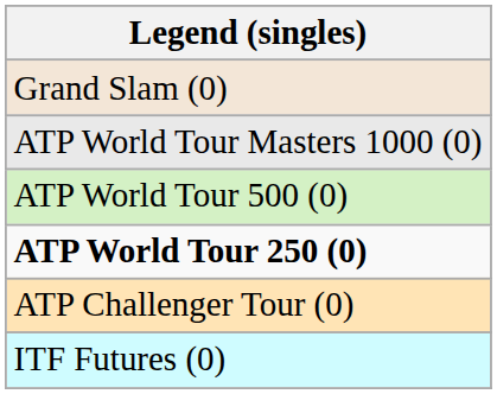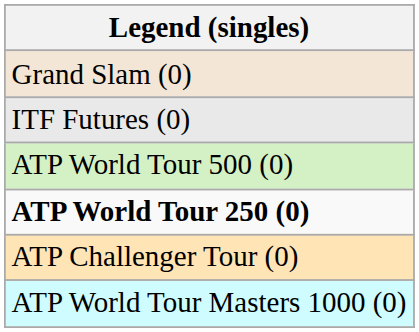 <table class="wikitable">
 <tr>
 <th>Legend (singles)</th>
 </tr>
 <tr style="background:#f3e6d7;">
 <td>Grand Slam (0)</td>
 </tr>
 <tr style="background:#e9e9e9;">
-<td>ATP World Tour Masters 1000 (0)</td>
+<td>ITF Futures (0)</td>
 </tr>
 <tr style="background:#d4f1c5;">
 <td>ATP World Tour 500 (0)</td>
 </tr>
 <tr>
 <td><strong>ATP World Tour 250 (0)</strong></td>
 </tr>
 <tr style="background:moccasin;">
 <td>ATP Challenger Tour (0)</td>
 </tr>
 <tr style="background:#cffcff;">
-<td>ITF Futures (0)</td>
+<td>ATP World Tour Masters 1000 (0)</td>
 </tr>
 </table>
